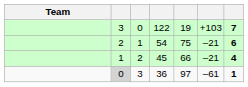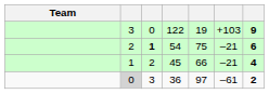 <table class="wikitable" style="text-align:center;">
 <tr>
 <th style="width:10.5em;">Team</th>
 <th style="width:1.5em;"></th>
 <th style="width:1.5em;"></th>
 <th style="width:2.0em;"></th>
 <th style="width:2.0em;"></th>
 <th style="width:2.0em;"></th>
 <th style="width:1.5em;"></th>
 </tr>
 <tr bgcolor=#cfc>
 <td align="left"></td>
 <td>3</td>
 <td>0</td>
 <td>122</td>
 <td>19</td>
 <td>+103</td>
-<td><strong>7</strong></td>
+<td><strong>9</strong></td>
 </tr>
 <tr bgcolor=#cfc>
 <td align="left"></td>
 <td>2</td>
-<td>1</td>
+<td><strong>1</strong></td>
 <td>54</td>
 <td>75</td>
 <td>–21</td>
 <td><strong>6</strong></td>
 </tr>
 <tr bgcolor=#cfc>
 <td align="left"></td>
 <td>1</td>
 <td>2</td>
 <td>45</td>
 <td>66</td>
 <td>–21</td>
 <td><strong>4</strong></td>
 </tr>
 <tr>
 <td align="left"></td>
 <td style="background: lightgrey;">0</td>
 <td>3</td>
 <td>36</td>
 <td>97</td>
 <td>–61</td>
-<td><strong>1</strong></td>
+<td><strong>2</strong></td>
 </tr>
 </table>
